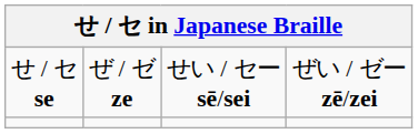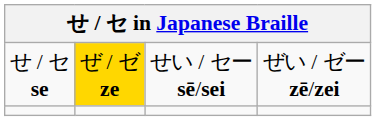 <table class="wikitable nowrap" style="text-align:center">
 <tr>
 <th colspan=4>せ / セ in <a href='#'>Japanese Braille</a></th>
 </tr>
 <tr>
 <td>せ / セ <br><strong>se</strong></td>
-<td>ぜ / ゼ <br><strong>ze</strong></td>
+<td style="background: gold;">ぜ / ゼ <br><strong>ze</strong></td>
 <td>せい / セー <br><strong>sē</strong>/<strong>sei</strong></td>
 <td>ぜい / ゼー <br><strong>zē</strong>/<strong>zei</strong></td>
 </tr>
 <tr>
 <td></td>
 <td></td>
 <td></td>
 <td></td>
 </tr>
 </table>
